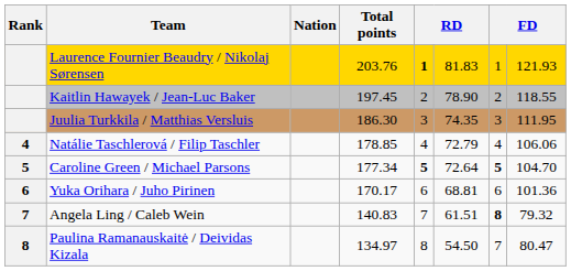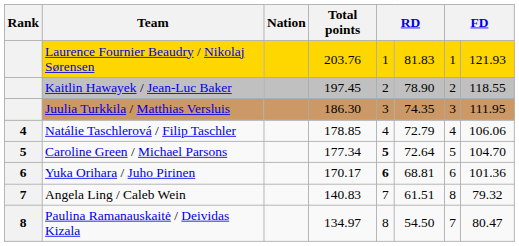 <table class="wikitable sortable" style="text-align:left">
 <tr>
 <th scope="col">Rank</th>
 <th scope="col">Team</th>
 <th scope="col">Nation</th>
 <th scope="col">Total points</th>
 <th scope="col" colspan="2" width="80px"><a href='#'>RD</a></th>
 <th scope="col" colspan="2" width="80px"><a href='#'>FD</a></th>
 </tr>
 <tr bgcolor="gold">
 <th scope="row"></th>
 <td><a href='#'>Laurence Fournier Beaudry</a> / <a href='#'>Nikolaj Sørensen</a></td>
 <td></td>
 <td align="center">203.76</td>
-<td align="center"><strong>1</strong></td>
+<td align="center">1</td>
 <td align="center">81.83</td>
 <td align="center">1</td>
 <td align="center">121.93</td>
 </tr>
 <tr bgcolor="silver">
 <th scope="row"></th>
 <td><a href='#'>Kaitlin Hawayek</a> / <a href='#'>Jean-Luc Baker</a></td>
 <td></td>
 <td align="center">197.45</td>
 <td align="center">2</td>
 <td align="center">78.90</td>
 <td align="center">2</td>
 <td align="center">118.55</td>
 </tr>
 <tr bgcolor="cc9966">
 <th scope="row"></th>
 <td><a href='#'>Juulia Turkkila</a> / <a href='#'>Matthias Versluis</a></td>
 <td></td>
 <td align="center">186.30</td>
 <td align="center">3</td>
 <td align="center">74.35</td>
 <td align="center">3</td>
 <td align="center">111.95</td>
 </tr>
 <tr>
 <th scope="row">4</th>
 <td><a href='#'>Natálie Taschlerová</a> / <a href='#'>Filip Taschler</a></td>
 <td></td>
 <td align="center">178.85</td>
 <td align="center">4</td>
 <td align="center">72.79</td>
 <td align="center">4</td>
 <td align="center">106.06</td>
 </tr>
 <tr>
 <th scope="row">5</th>
 <td><a href='#'>Caroline Green</a> / <a href='#'>Michael Parsons</a></td>
 <td></td>
 <td align="center">177.34</td>
 <td align="center"><strong>5</strong></td>
 <td align="center">72.64</td>
-<td align="center"><strong>5</strong></td>
+<td align="center">5</td>
 <td align="center">104.70</td>
 </tr>
 <tr>
 <th scope="row">6</th>
 <td><a href='#'>Yuka Orihara</a> / <a href='#'>Juho Pirinen</a></td>
 <td></td>
 <td align="center">170.17</td>
-<td align="center">6</td>
+<td align="center"><strong>6</strong></td>
 <td align="center">68.81</td>
 <td align="center">6</td>
 <td align="center">101.36</td>
 </tr>
 <tr>
 <th scope="row">7</th>
 <td>Angela Ling / Caleb Wein</td>
 <td></td>
 <td align="center">140.83</td>
 <td align="center">7</td>
 <td align="center">61.51</td>
-<td align="center"><strong>8</strong></td>
+<td align="center">8</td>
 <td align="center">79.32</td>
 </tr>
 <tr>
 <th scope="row">8</th>
 <td><a href='#'>Paulina Ramanauskaitė</a> / <a href='#'>Deividas Kizala</a></td>
 <td></td>
 <td align="center">134.97</td>
 <td align="center">8</td>
 <td align="center">54.50</td>
 <td align="center">7</td>
 <td align="center">80.47</td>
 </tr>
 </table>
